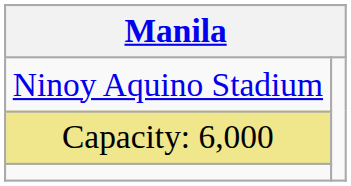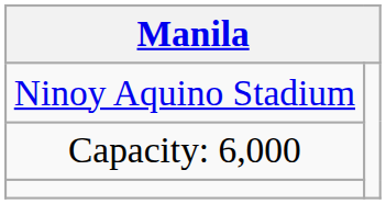 <table class="wikitable" style="text-align:center">
 <tr>
 <th colspan=2><a href='#'>Manila</a></th>
 </tr>
 <tr>
 <td><a href='#'>Ninoy Aquino Stadium</a></td>
 <td rowspan=3></td>
 </tr>
 <tr>
-<td style="background: khaki;">Capacity: 6,000</td>
+<td>Capacity: 6,000</td>
 </tr>
 <tr>
 <td></td>
 </tr>
 </table>
